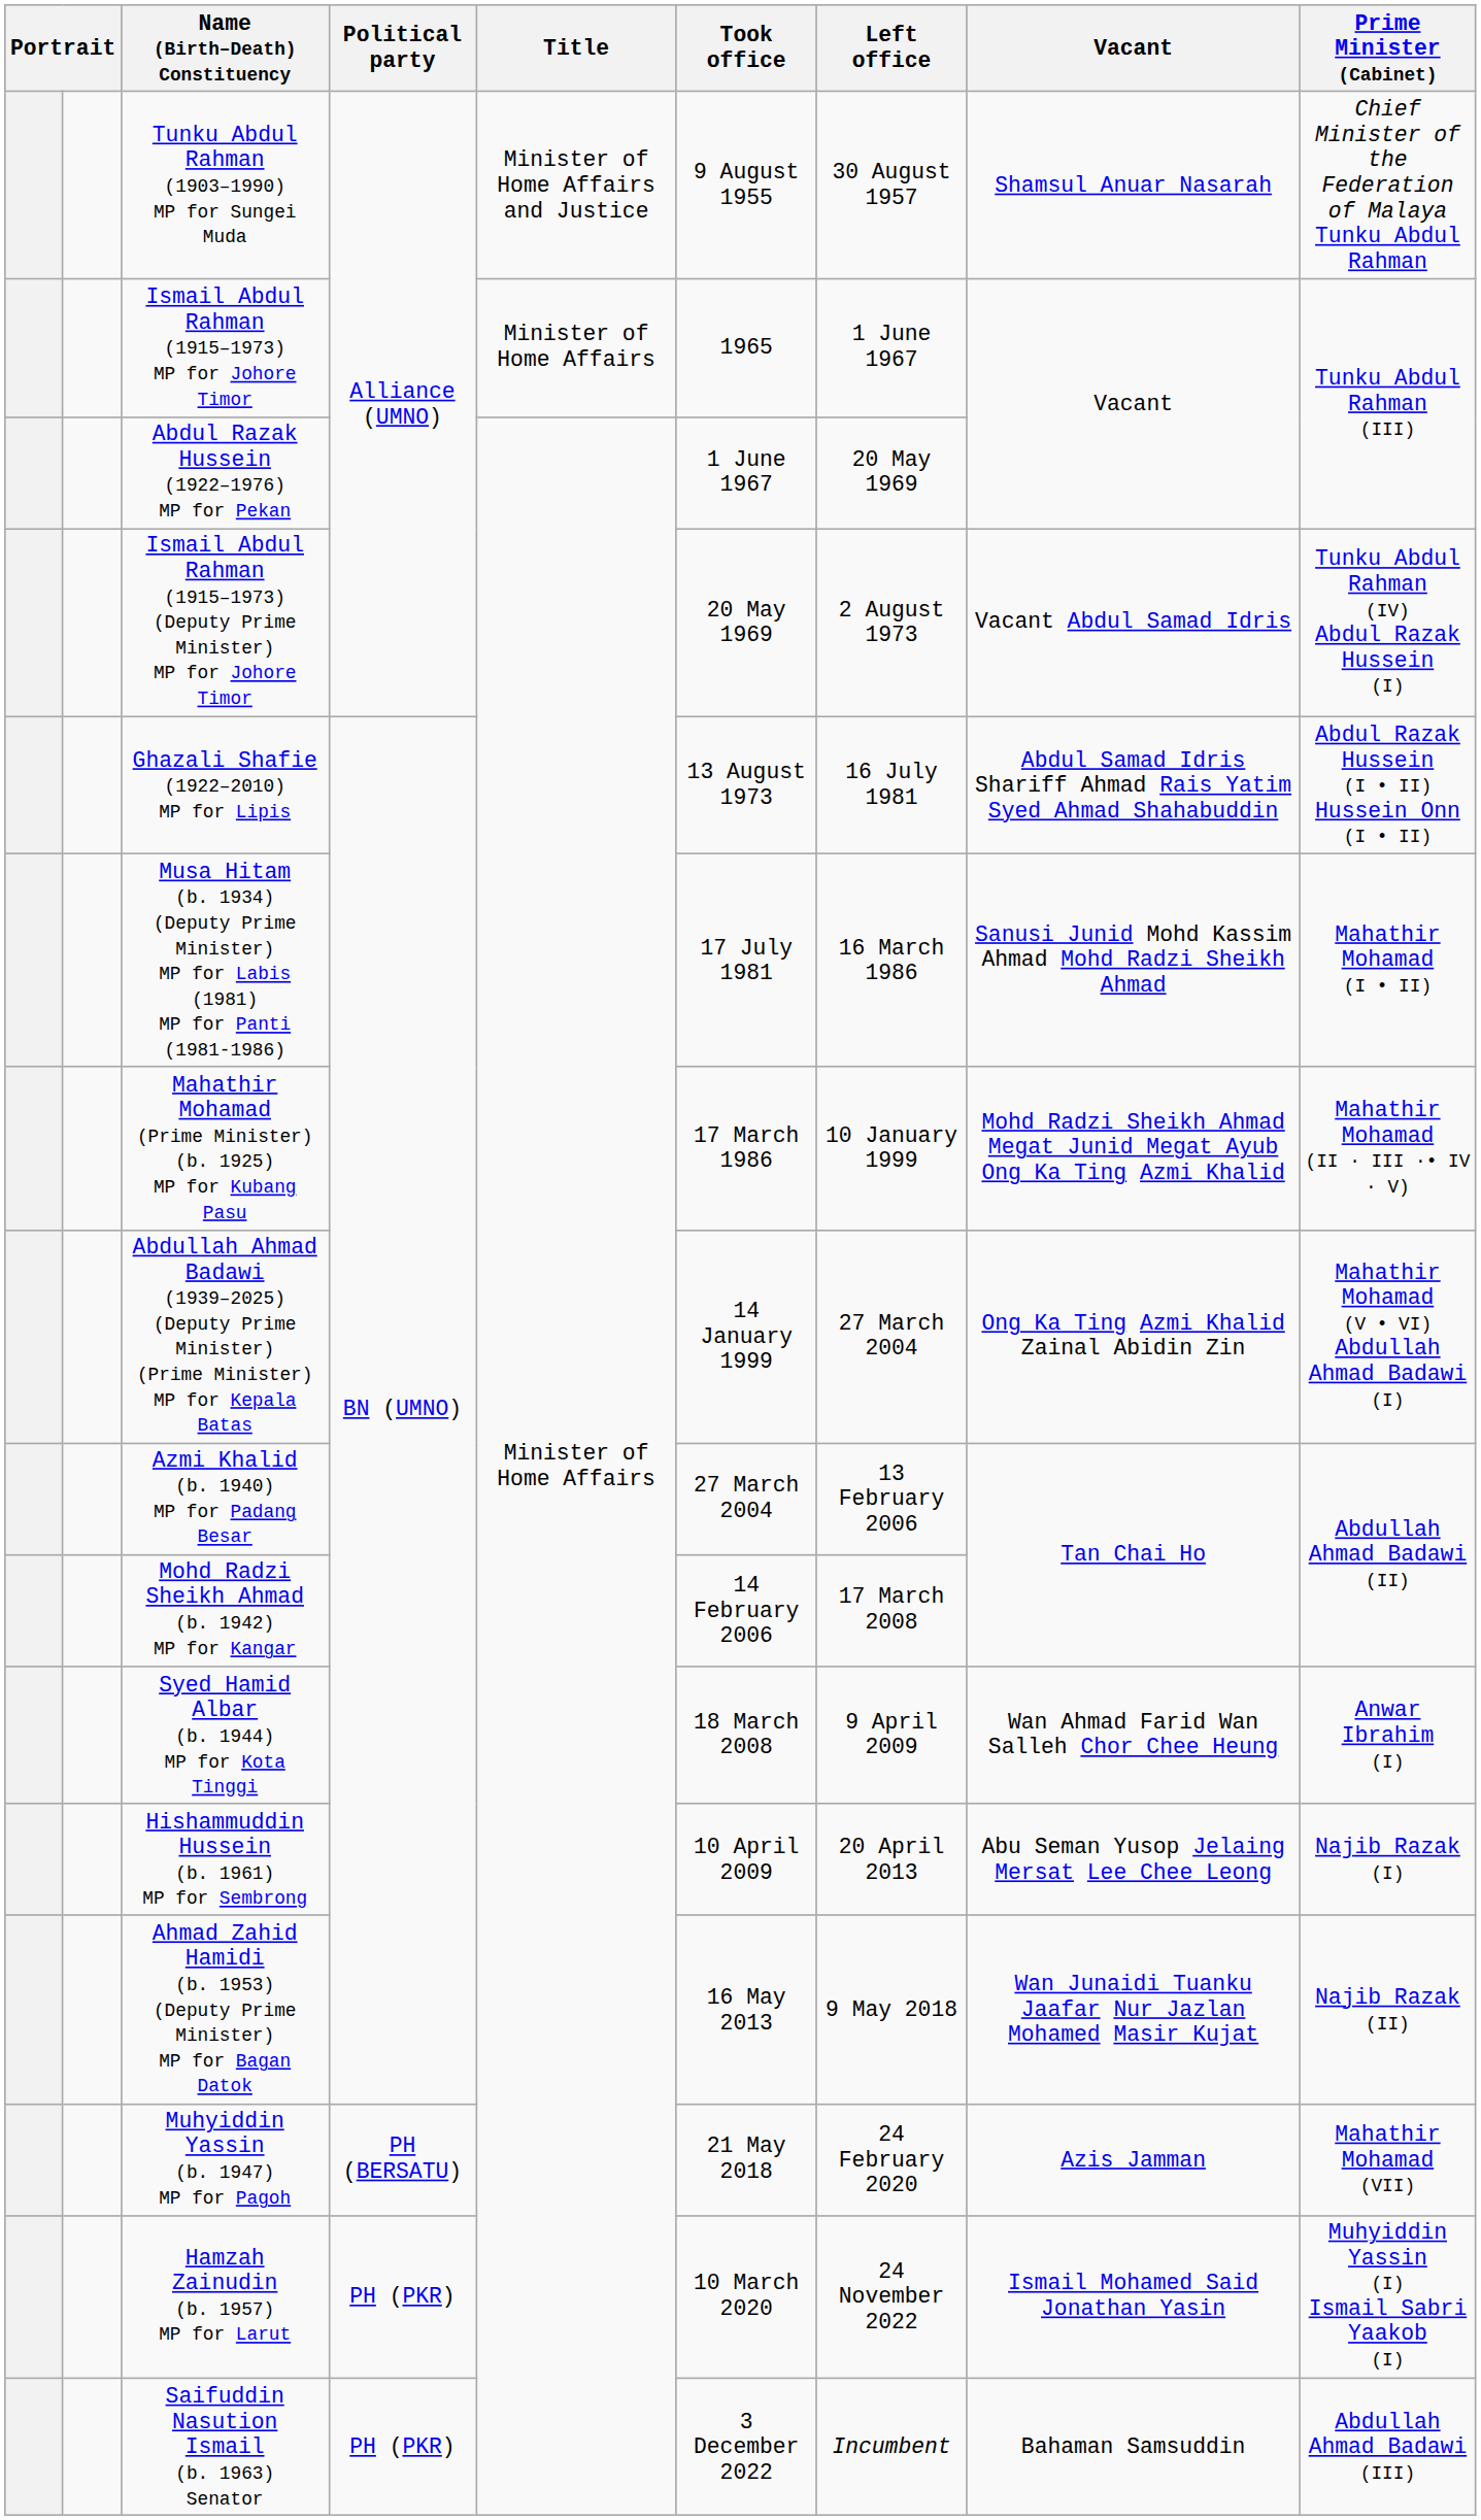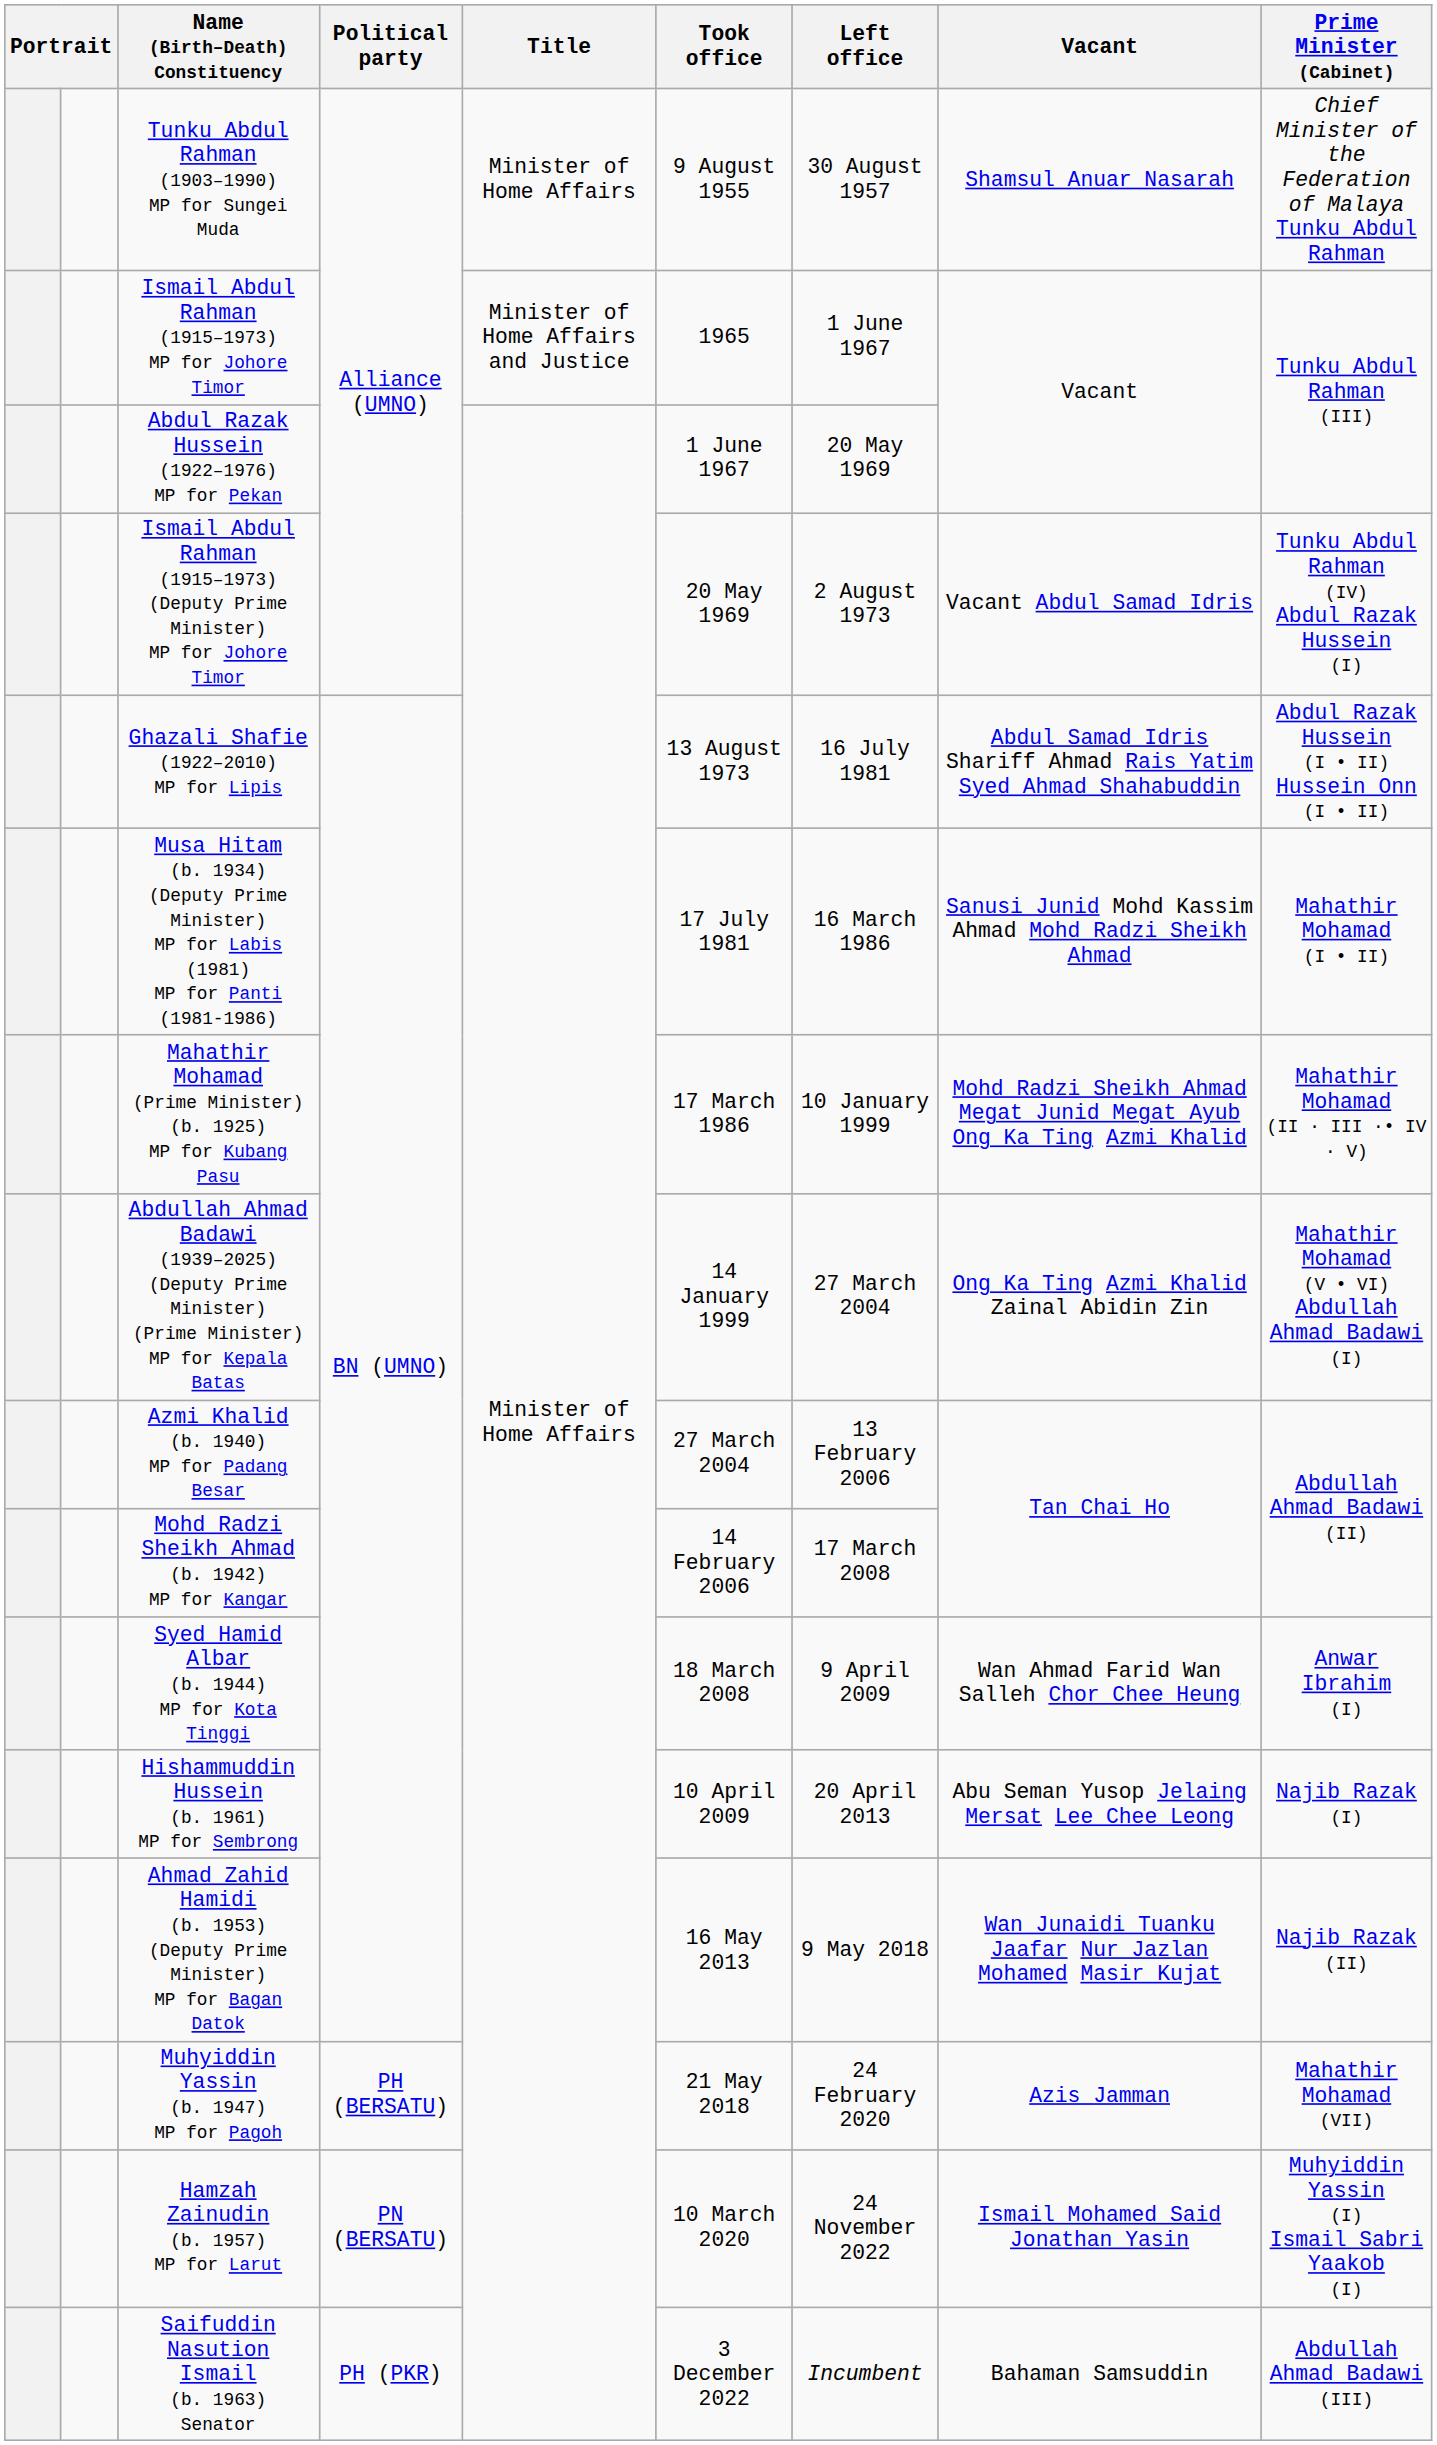 <table class="wikitable" style="text-align:center;">
 <tr>
 <th colspan=2>Portrait</th>
 <th>Name<br><small>(Birth–Death)<br>Constituency</small></th>
 <th>Political party</th>
 <th>Title</th>
 <th>Took office</th>
 <th>Left office</th>
 <th>Vacant</th>
 <th><a href='#'>Prime Minister</a><br><small>(Cabinet)</small></th>
 </tr>
 <tr>
 <th style="background:"></th>
 <td></td>
 <td><a href='#'>Tunku Abdul Rahman</a><br><small>(1903–1990)<br>MP for Sungei Muda</small></td>
 <td rowspan=4><a href='#'>Alliance</a> (<a href='#'>UMNO</a>)</td>
-<td>Minister of Home Affairs and Justice</td>
+<td>Minister of Home Affairs</td>
 <td>9 August 1955</td>
 <td>30 August 1957</td>
 <td><a href='#'>Shamsul Anuar Nasarah</a></td>
 <td><em>Chief Minister of the <br>Federation of Malaya</em><br><a href='#'>Tunku Abdul Rahman</a></td>
 </tr>
 <tr>
 <th style="background:"></th>
 <td></td>
 <td><a href='#'>Ismail Abdul Rahman</a><br><small>(1915–1973)<br>MP for <a href='#'>Johore Timor</a></small></td>
-<td>Minister of Home Affairs</td>
+<td>Minister of Home Affairs and Justice</td>
 <td>1965</td>
 <td>1 June 1967</td>
 <td rowspan="2">Vacant</td>
 <td rowspan="2"><a href='#'>Tunku Abdul Rahman</a><br><small>(III)</small></td>
 </tr>
 <tr>
 <th style="background:"></th>
 <td></td>
 <td><a href='#'>Abdul Razak Hussein</a><br><small>(1922–1976)<br>MP for <a href='#'>Pekan</a></small></td>
 <td rowspan=14>Minister of Home Affairs</td>
 <td>1 June 1967</td>
 <td>20 May 1969</td>
 </tr>
 <tr>
 <th style="background:"></th>
 <td></td>
 <td><a href='#'>Ismail Abdul Rahman</a><br><small>(1915–1973)<br>(Deputy Prime Minister) <br>MP for <a href='#'>Johore Timor</a></small></td>
 <td>20 May 1969</td>
 <td>2 August 1973</td>
 <td>Vacant  <a href='#'>Abdul Samad Idris</a> </td>
 <td><a href='#'>Tunku Abdul Rahman</a><br><small>(IV)</small><br><a href='#'>Abdul Razak Hussein</a><br><small>(I)</small></td>
 </tr>
 <tr>
 <th style="background:"></th>
 <td></td>
 <td><a href='#'>Ghazali Shafie</a><br><small>(1922–2010)<br>MP for <a href='#'>Lipis</a></small></td>
 <td rowspan=9><a href='#'>BN</a> (<a href='#'>UMNO</a>)</td>
 <td>13 August 1973</td>
 <td>16 July 1981</td>
 <td><a href='#'>Abdul Samad Idris</a>  Shariff Ahmad  <a href='#'>Rais Yatim</a>  <a href='#'>Syed Ahmad Shahabuddin</a> </td>
 <td><a href='#'>Abdul Razak Hussein</a><br><small>(I • II)</small><br><a href='#'>Hussein Onn</a><br><small>(I • II)</small></td>
 </tr>
 <tr>
 <th style="background:"></th>
 <td></td>
 <td><a href='#'>Musa Hitam</a><br><small>(b. 1934)<br>(Deputy Prime Minister) <br>MP for <a href='#'>Labis</a><br> (1981) <br> MP for <a href='#'>Panti</a><br> (1981-1986) </small></td>
 <td>17 July 1981</td>
 <td>16 March 1986</td>
 <td><a href='#'>Sanusi Junid</a>  Mohd Kassim Ahmad  <a href='#'>Mohd Radzi Sheikh Ahmad</a> </td>
 <td><a href='#'>Mahathir Mohamad</a><br><small>(I • II)</small></td>
 </tr>
 <tr>
 <th style="background:"></th>
 <td></td>
 <td><a href='#'>Mahathir Mohamad</a><br><small>(Prime Minister) <br> (b. 1925)<br>MP for <a href='#'>Kubang Pasu</a></small></td>
 <td>17 March 1986</td>
 <td>10 January 1999</td>
 <td><a href='#'>Mohd Radzi Sheikh Ahmad</a>  <a href='#'>Megat Junid Megat Ayub</a>  <a href='#'>Ong Ka Ting</a>  <a href='#'>Azmi Khalid</a> </td>
 <td><a href='#'>Mahathir Mohamad</a><br><small>(II · III ·• IV · V)</small></td>
 </tr>
 <tr>
 <th style="background:"></th>
 <td></td>
 <td><a href='#'>Abdullah Ahmad Badawi</a><br><small>(1939–2025)<br>(Deputy Prime Minister) <br>(Prime Minister) <br>MP for <a href='#'>Kepala Batas</a></small></td>
 <td>14 January 1999</td>
 <td>27 March 2004</td>
 <td><a href='#'>Ong Ka Ting</a>  <a href='#'>Azmi Khalid</a>  Zainal Abidin Zin </td>
 <td><a href='#'>Mahathir Mohamad</a><br><small>(V • VI)</small><br><a href='#'>Abdullah Ahmad Badawi</a><br><small>(I)</small></td>
 </tr>
 <tr>
 <th style="background:"></th>
 <td></td>
 <td><a href='#'>Azmi Khalid</a><br><small>(b. 1940)<br>MP for <a href='#'>Padang Besar</a></small></td>
 <td>27 March 2004</td>
 <td>13 February 2006</td>
 <td rowspan="2"><a href='#'>Tan Chai Ho</a></td>
 <td rowspan="2"><a href='#'>Abdullah Ahmad Badawi</a><br><small>(II)</small></td>
 </tr>
 <tr>
 <th style="background:"></th>
 <td></td>
 <td><a href='#'>Mohd Radzi Sheikh Ahmad</a><br><small>(b. 1942)<br>MP for <a href='#'>Kangar</a></small></td>
 <td>14 February 2006</td>
 <td>17 March 2008</td>
 </tr>
 <tr>
 <th style="background:"></th>
 <td></td>
 <td><a href='#'>Syed Hamid Albar</a><br><small>(b. 1944)<br>MP for <a href='#'>Kota Tinggi</a></small></td>
 <td>18 March 2008</td>
 <td>9 April 2009</td>
 <td>Wan Ahmad Farid Wan Salleh <a href='#'>Chor Chee Heung</a></td>
 <td><a href='#'>Anwar Ibrahim</a><br><small>(I)</small></td>
 </tr>
 <tr>
 <th style="background:"></th>
 <td></td>
 <td><a href='#'>Hishammuddin Hussein</a><br><small>(b. 1961)<br>MP for <a href='#'>Sembrong</a></small></td>
 <td>10 April 2009</td>
 <td>20 April 2013</td>
 <td>Abu Seman Yusop  <a href='#'>Jelaing Mersat</a>  <a href='#'>Lee Chee Leong</a> </td>
 <td><a href='#'>Najib Razak</a><br><small>(I)</small></td>
 </tr>
 <tr>
 <th style="background:"></th>
 <td></td>
 <td><a href='#'>Ahmad Zahid Hamidi</a><br><small>(b. 1953)<br>(Deputy Prime Minister) <br>MP for <a href='#'>Bagan Datok</a></small></td>
 <td>16 May 2013</td>
 <td>9 May 2018</td>
 <td><a href='#'>Wan Junaidi Tuanku Jaafar</a> <a href='#'>Nur Jazlan Mohamed</a>  <a href='#'>Masir Kujat</a> </td>
 <td><a href='#'>Najib Razak</a><br><small>(II)</small></td>
 </tr>
 <tr>
 <th style="background:"></th>
 <td></td>
 <td><a href='#'>Muhyiddin Yassin</a><br><small>(b. 1947)<br>MP for <a href='#'>Pagoh</a></small></td>
 <td><a href='#'>PH</a> (<a href='#'>BERSATU</a>)</td>
 <td>21 May 2018</td>
 <td>24 February 2020</td>
 <td><a href='#'>Azis Jamman</a></td>
 <td><a href='#'>Mahathir Mohamad</a><br><small>(VII)</small></td>
 </tr>
 <tr>
 <th style="background:"></th>
 <td></td>
 <td><a href='#'>Hamzah Zainudin</a><br><small>(b. 1957)<br>MP for <a href='#'>Larut</a></small></td>
-<td><a href='#'>PH</a> (<a href='#'>PKR</a>)</td>
+<td><a href='#'>PN</a> (<a href='#'>BERSATU</a>)</td>
 <td>10 March 2020</td>
 <td>24 November 2022</td>
 <td><a href='#'>Ismail Mohamed Said</a> <a href='#'>Jonathan Yasin</a></td>
 <td><a href='#'>Muhyiddin Yassin</a><br><small>(I)</small><br><a href='#'>Ismail Sabri Yaakob</a><br><small>(I)</small></td>
 </tr>
 <tr>
 <th style="background:"></th>
 <td></td>
 <td><a href='#'>Saifuddin Nasution Ismail</a><br><small>(b. 1963)<br>Senator</small></td>
 <td><a href='#'>PH</a> (<a href='#'>PKR</a>)</td>
 <td>3 December 2022</td>
 <td><em>Incumbent</em></td>
 <td>Bahaman Samsuddin</td>
 <td><a href='#'>Abdullah Ahmad Badawi</a><br><small>(III)</small></td>
 </tr>
 </table>
